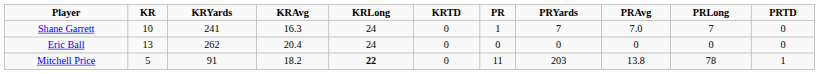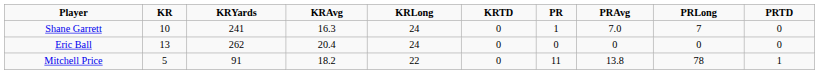 <table class="wikitable" width="80%">
 <tr align="center">
 <td><strong>Player</strong></td>
 <td><strong>KR</strong></td>
 <td><strong>KRYards</strong></td>
 <td><strong>KRAvg</strong></td>
 <td><strong>KRLong</strong></td>
 <td><strong>KRTD</strong></td>
 <td><strong>PR</strong></td>
-<td><strong>PRYards</strong></td>
 <td><strong>PRAvg</strong></td>
 <td><strong>PRLong</strong></td>
 <td><strong>PRTD</strong></td>
 </tr>
 <tr align="center" bgcolor="">
 <td><a href='#'>Shane Garrett</a></td>
 <td>10</td>
 <td>241</td>
 <td>16.3</td>
 <td>24</td>
 <td>0</td>
 <td>1</td>
-<td>7</td>
 <td>7.0</td>
 <td>7</td>
 <td>0</td>
 </tr>
 <tr align="center" bgcolor="">
 <td><a href='#'>Eric Ball</a></td>
 <td>13</td>
 <td>262</td>
 <td>20.4</td>
 <td>24</td>
 <td>0</td>
 <td>0</td>
 <td>0</td>
 <td>0</td>
 <td>0</td>
-<td>0</td>
 </tr>
 <tr align="center" bgcolor="">
 <td><a href='#'>Mitchell Price</a></td>
 <td>5</td>
 <td>91</td>
 <td>18.2</td>
-<td><strong>22</strong></td>
+<td>22</td>
 <td>0</td>
 <td>11</td>
-<td>203</td>
 <td>13.8</td>
 <td>78</td>
 <td>1</td>
 </tr>
 </table>
